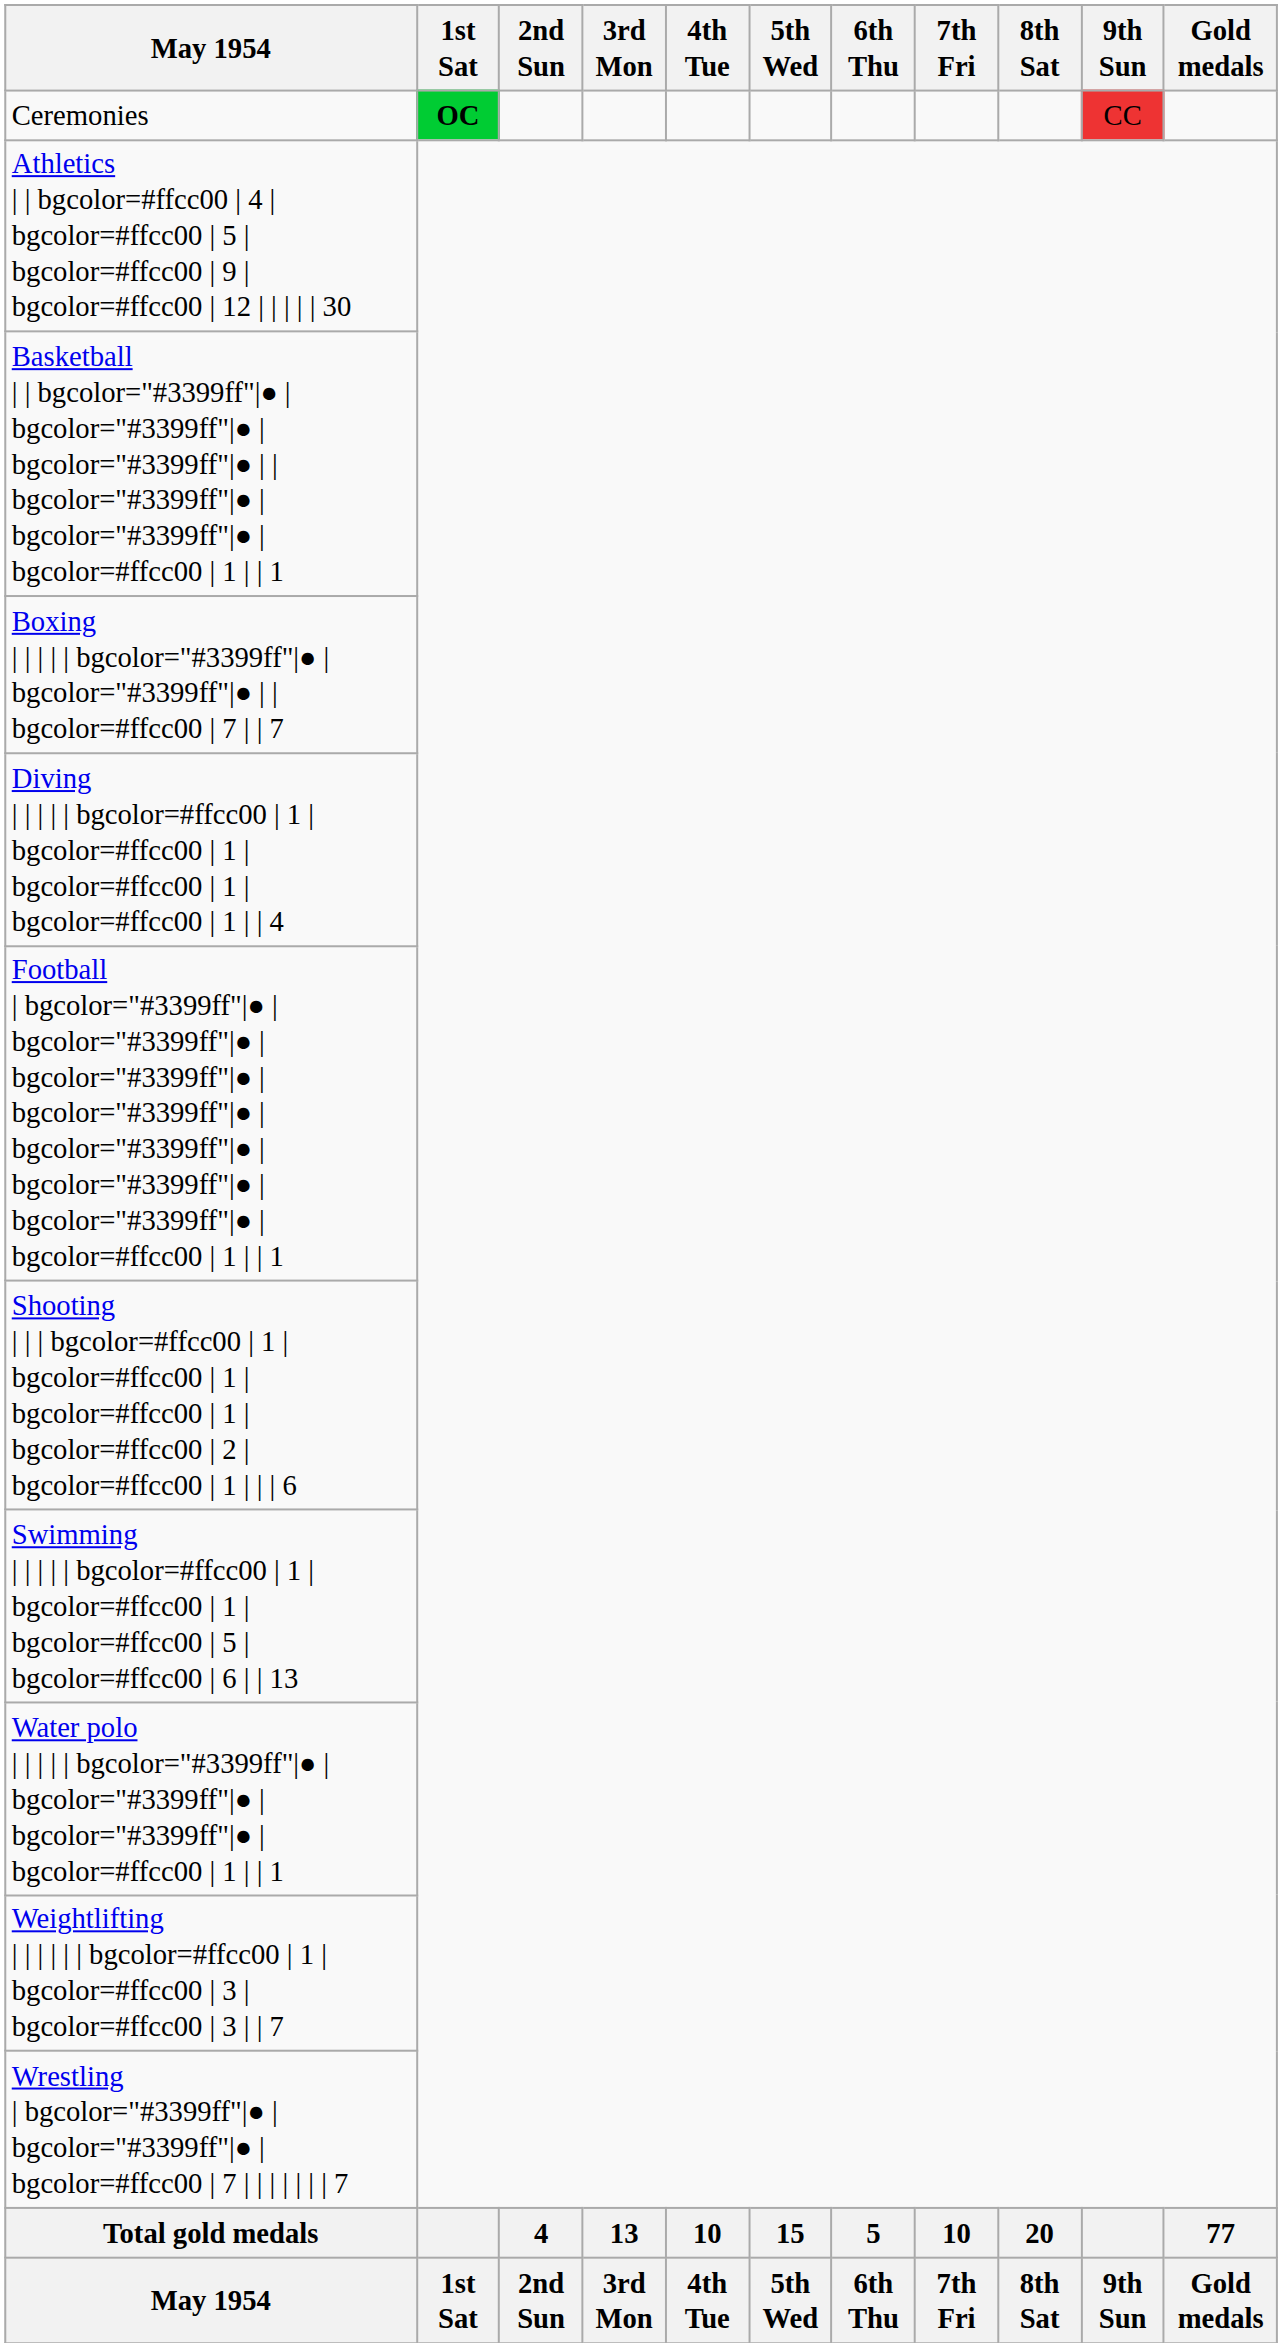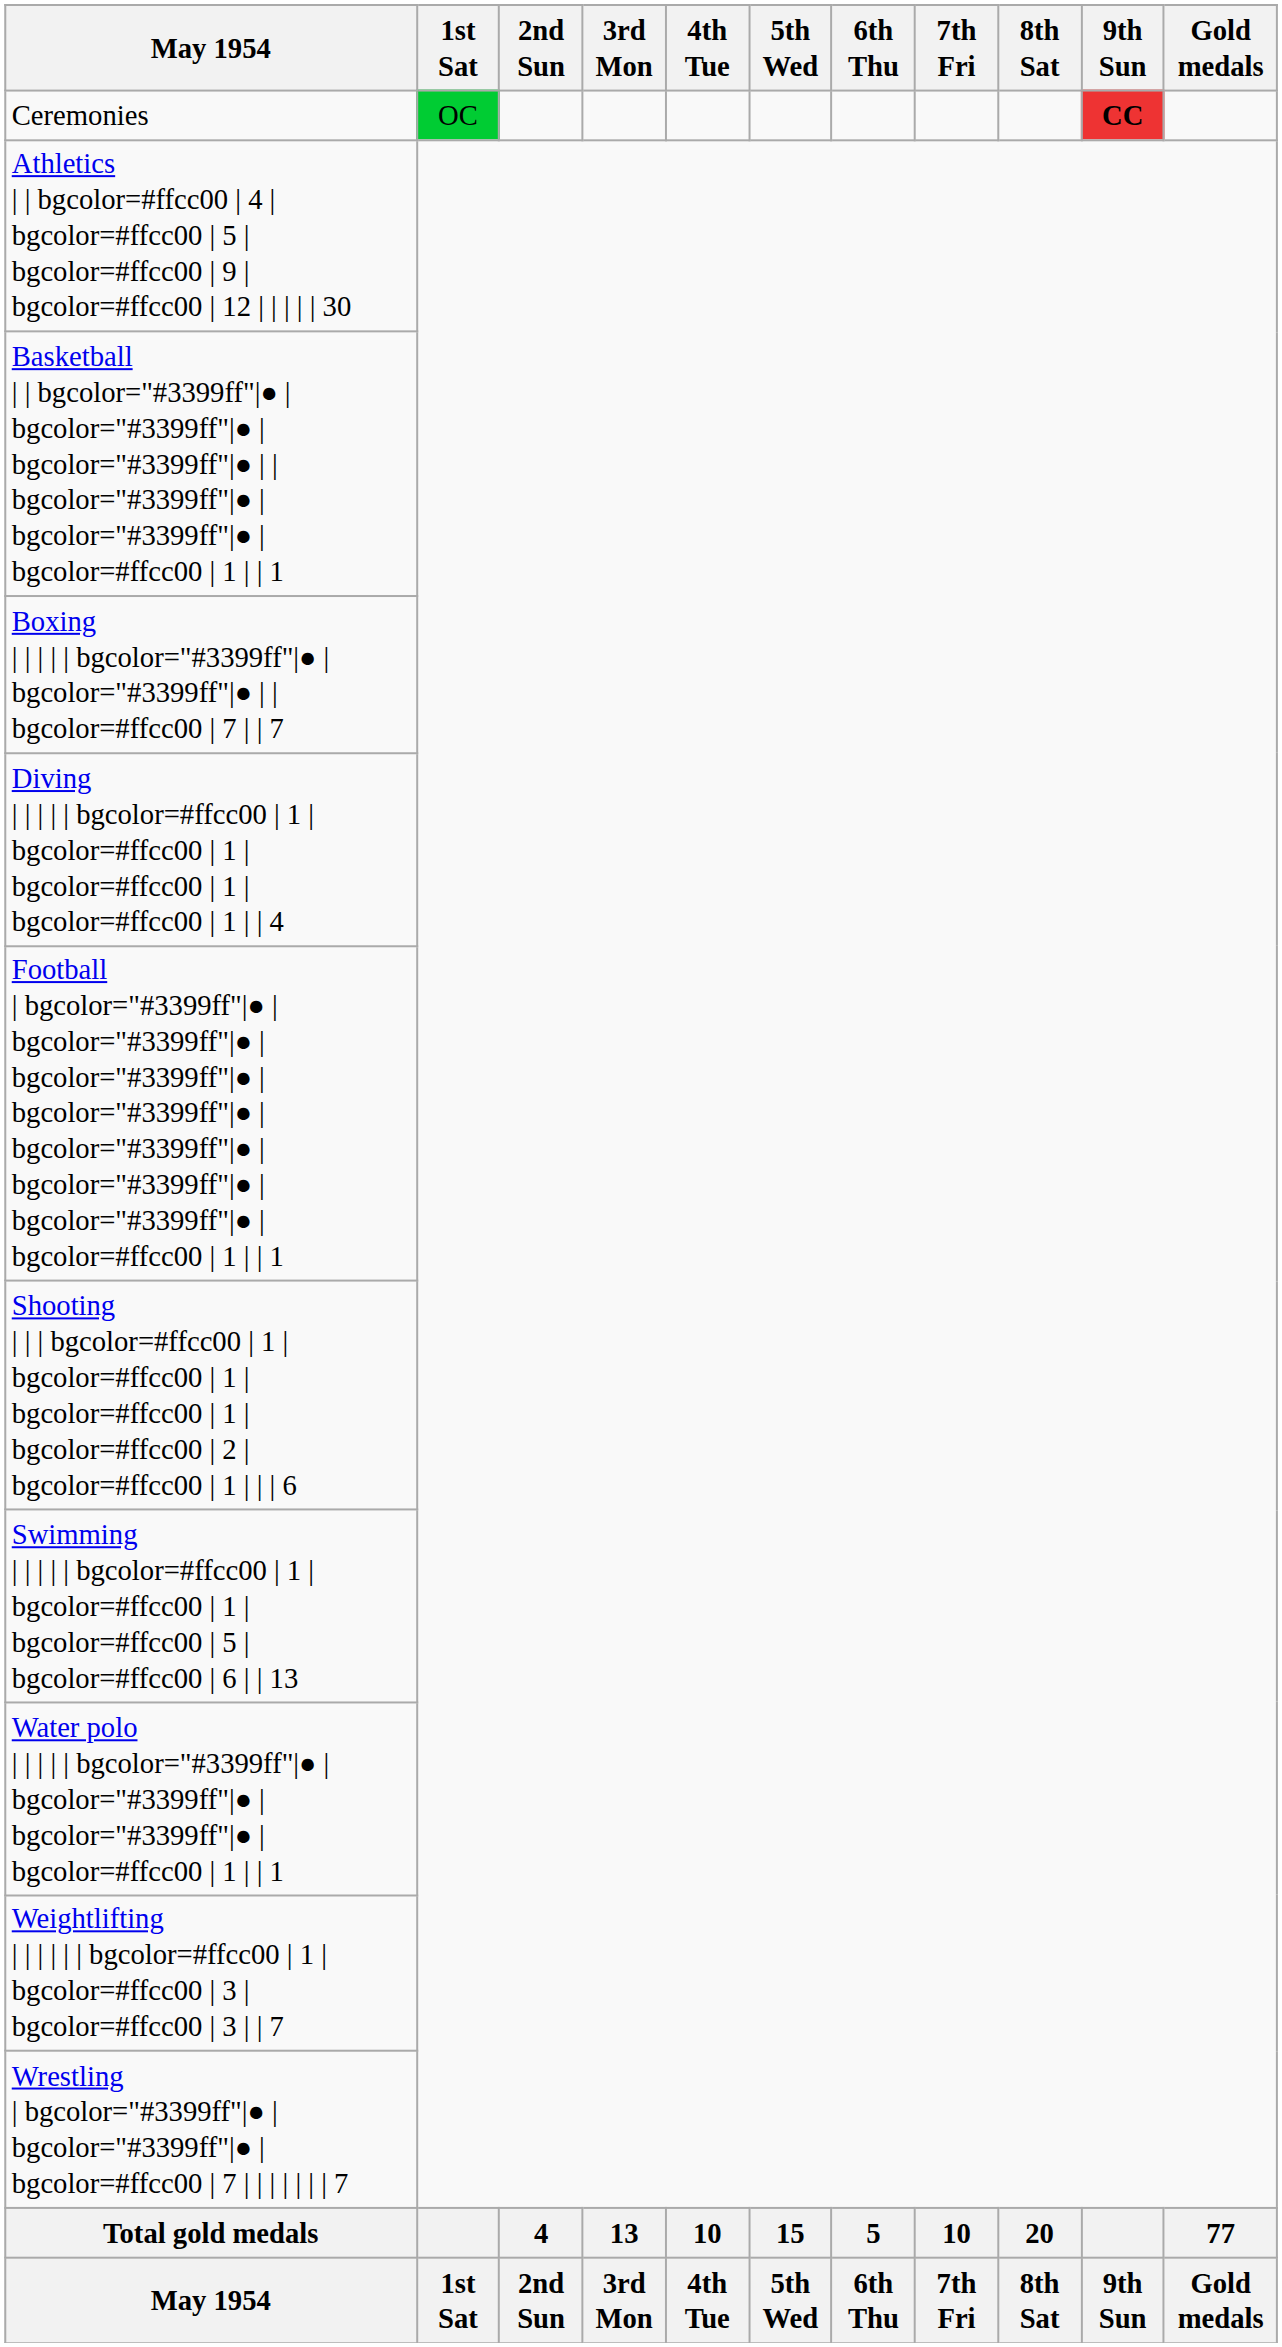 <table class="wikitable" style="margin:0.5em auto; font-size:90%; line-height:1.25em;">
 <tr>
 <th width=200>May 1954</th>
 <th width=35>1st<br>Sat</th>
 <th width=35>2nd<br>Sun</th>
 <th width=35>3rd<br>Mon</th>
 <th width=35>4th<br>Tue</th>
 <th width=35>5th<br>Wed</th>
 <th width=35>6th<br>Thu</th>
 <th width=35>7th<br>Fri</th>
 <th width=35>8th<br>Sat</th>
 <th width=35>9th<br>Sun</th>
 <th width=50>Gold<br>medals</th>
 </tr>
 <tr>
 <td>Ceremonies</td>
-<td bgcolor=#00cc33 align=center><strong>OC</strong></td>
+<td bgcolor=#00cc33 align=center>OC</td>
 <td></td>
 <td></td>
 <td></td>
 <td></td>
 <td></td>
 <td></td>
 <td></td>
-<td bgcolor=#ee3333 align=center>CC</td>
+<td bgcolor=#ee3333 align=center><strong>CC</strong></td>
 <td></td>
 </tr>
 <tr align="center">
 <td align="left"> <a href='#'>Athletics</a><br>|  | bgcolor=#ffcc00 | 4 | bgcolor=#ffcc00 | 5 | bgcolor=#ffcc00 | 9 | bgcolor=#ffcc00 | 12 |  |  |  |  | 30</td>
 </tr>
 <tr align="center">
 <td align="left"> <a href='#'>Basketball</a><br>|  | bgcolor="#3399ff"|● | bgcolor="#3399ff"|● | bgcolor="#3399ff"|● |  | bgcolor="#3399ff"|● | bgcolor="#3399ff"|● | bgcolor=#ffcc00 | 1 |  | 1</td>
 </tr>
 <tr align="center">
 <td align="left"> <a href='#'>Boxing</a><br>|  |  |  |  | bgcolor="#3399ff"|● | bgcolor="#3399ff"|● |  | bgcolor=#ffcc00 | 7 |  | 7</td>
 </tr>
 <tr align="center">
 <td align="left"> <a href='#'>Diving</a><br>|  |  |  |  | bgcolor=#ffcc00 | 1 | bgcolor=#ffcc00 | 1 | bgcolor=#ffcc00 | 1 | bgcolor=#ffcc00 | 1 |  | 4</td>
 </tr>
 <tr align="center">
 <td align="left"> <a href='#'>Football</a><br>| bgcolor="#3399ff"|● | bgcolor="#3399ff"|● | bgcolor="#3399ff"|● | bgcolor="#3399ff"|● | bgcolor="#3399ff"|● | bgcolor="#3399ff"|● | bgcolor="#3399ff"|● | bgcolor=#ffcc00 | 1 |  | 1</td>
 </tr>
 <tr align="center">
 <td align="left"> <a href='#'>Shooting</a><br>|  |  | bgcolor=#ffcc00 | 1 | bgcolor=#ffcc00 | 1 | bgcolor=#ffcc00 | 1 | bgcolor=#ffcc00 | 2 | bgcolor=#ffcc00 | 1 |  |  | 6</td>
 </tr>
 <tr align="center">
 <td align="left"> <a href='#'>Swimming</a><br>|  |  |  |  | bgcolor=#ffcc00 | 1 | bgcolor=#ffcc00 | 1 | bgcolor=#ffcc00 | 5 | bgcolor=#ffcc00 | 6 |  | 13</td>
 </tr>
 <tr align="center">
 <td align="left"> <a href='#'>Water polo</a><br>|  |  |  |  | bgcolor="#3399ff"|● | bgcolor="#3399ff"|● | bgcolor="#3399ff"|● | bgcolor=#ffcc00 | 1 |  | 1</td>
 </tr>
 <tr align="center">
 <td align="left"> <a href='#'>Weightlifting</a><br>|  |  |  |  |  | bgcolor=#ffcc00 | 1 | bgcolor=#ffcc00 | 3 | bgcolor=#ffcc00 | 3 |  | 7</td>
 </tr>
 <tr align="center">
 <td align="left"> <a href='#'>Wrestling</a><br>| bgcolor="#3399ff"|● | bgcolor="#3399ff"|● | bgcolor=#ffcc00 | 7 |  |  |  |  |  | | 7</td>
 </tr>
 <tr>
 <th>Total gold medals</th>
 <th></th>
 <th>4</th>
 <th>13</th>
 <th>10</th>
 <th>15</th>
 <th>5</th>
 <th>10</th>
 <th>20</th>
 <th></th>
 <th>77</th>
 </tr>
 <tr>
 <th>May 1954</th>
 <th>1st<br>Sat</th>
 <th>2nd<br>Sun</th>
 <th>3rd<br>Mon</th>
 <th>4th<br>Tue</th>
 <th>5th<br>Wed</th>
 <th>6th<br>Thu</th>
 <th>7th<br>Fri</th>
 <th>8th<br>Sat</th>
 <th>9th<br>Sun</th>
 <th>Gold<br>medals</th>
 </tr>
 </table>
